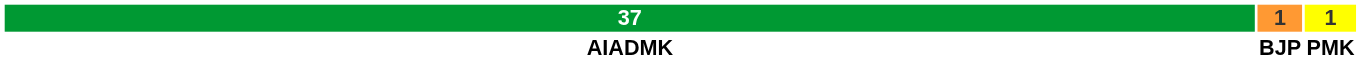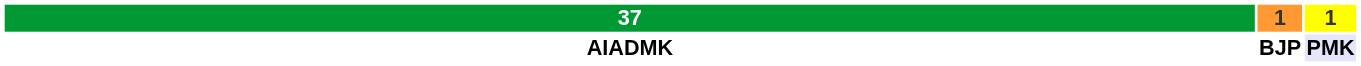 <table style="width:79.5%;text-align:center;">
 <tr style="color:white;">
 <td style="background:#009933;width:94.8%;"><strong>37</strong></td>
 <td style="background:#FF9933;color:#333;width:2.6%;"><strong>1</strong></td>
 <td style="background:#FFFF00;color:#333;width:2.6%;"><strong>1</strong></td>
 </tr>
 <tr>
 <td><span><strong>AIADMK</strong></span></td>
 <td><span><strong>BJP</strong></span></td>
-<td><span><strong>PMK</strong></span></td>
+<td style="background: lavender;"><span><strong>PMK</strong></span></td>
 </tr>
 </table>
